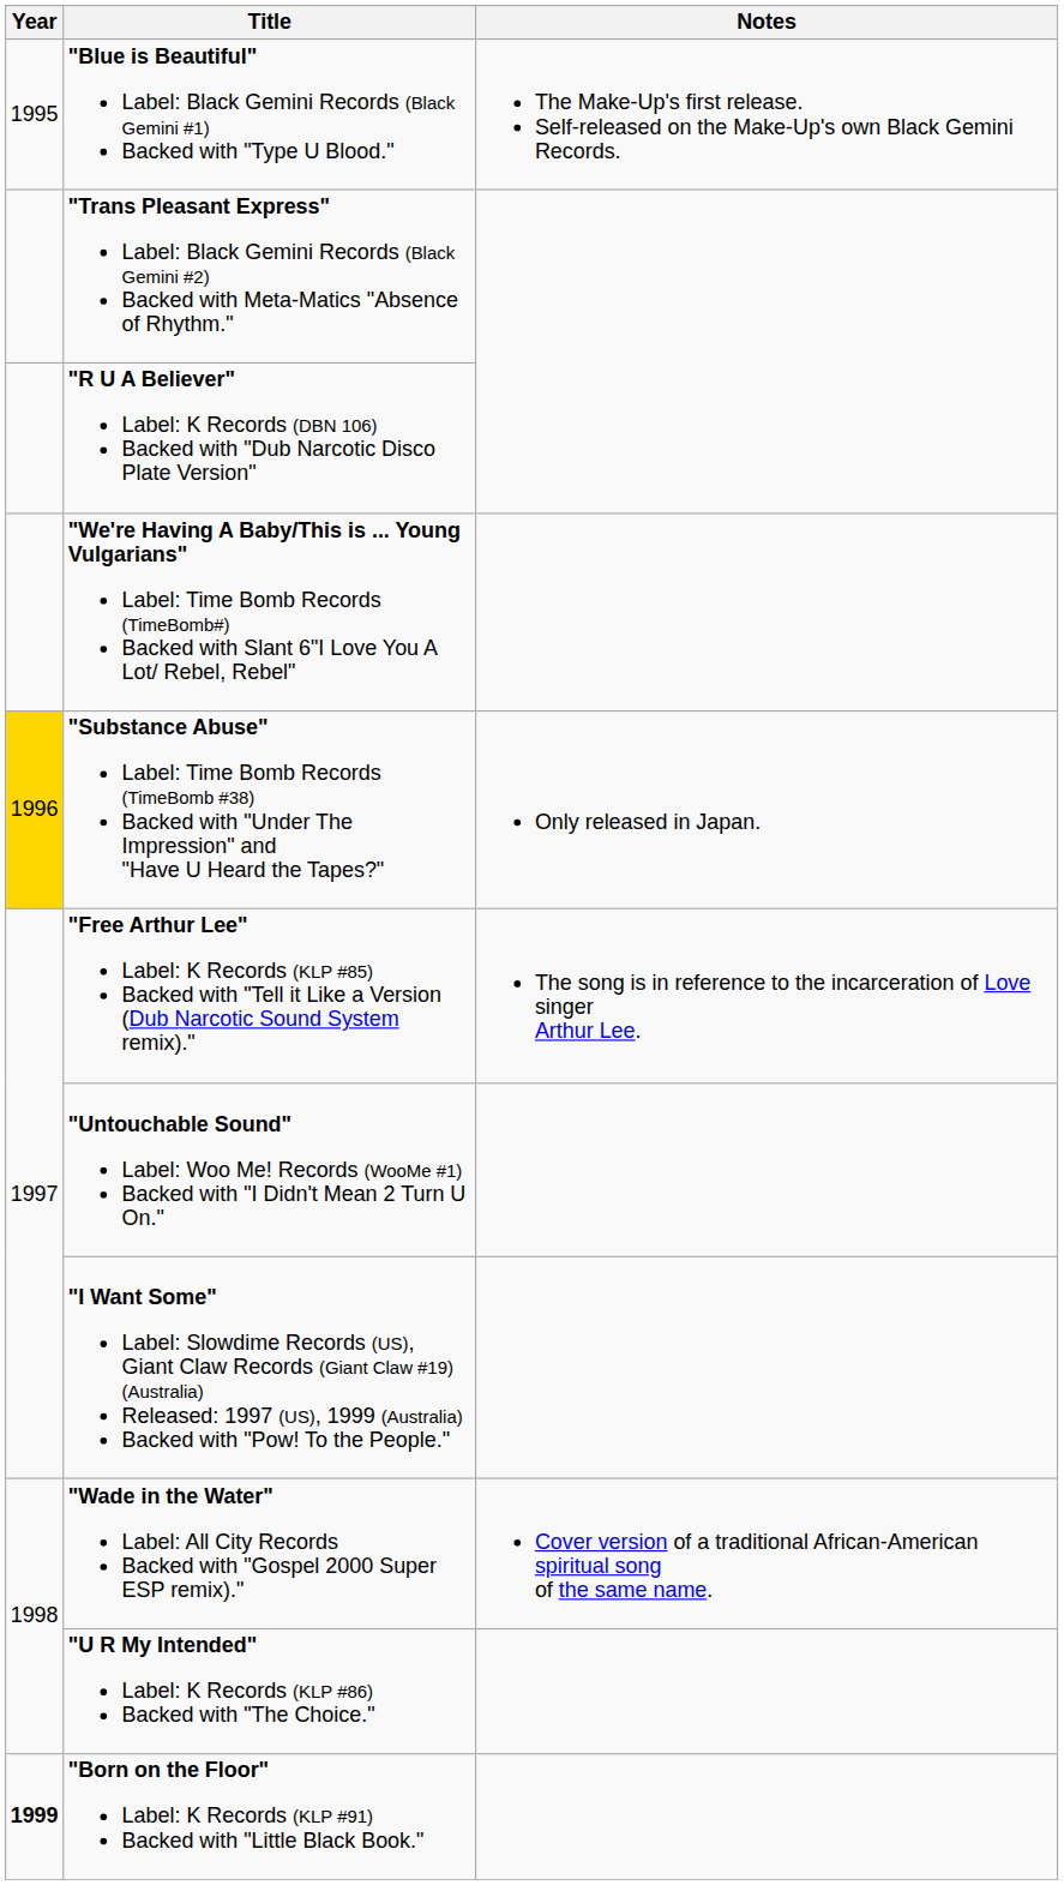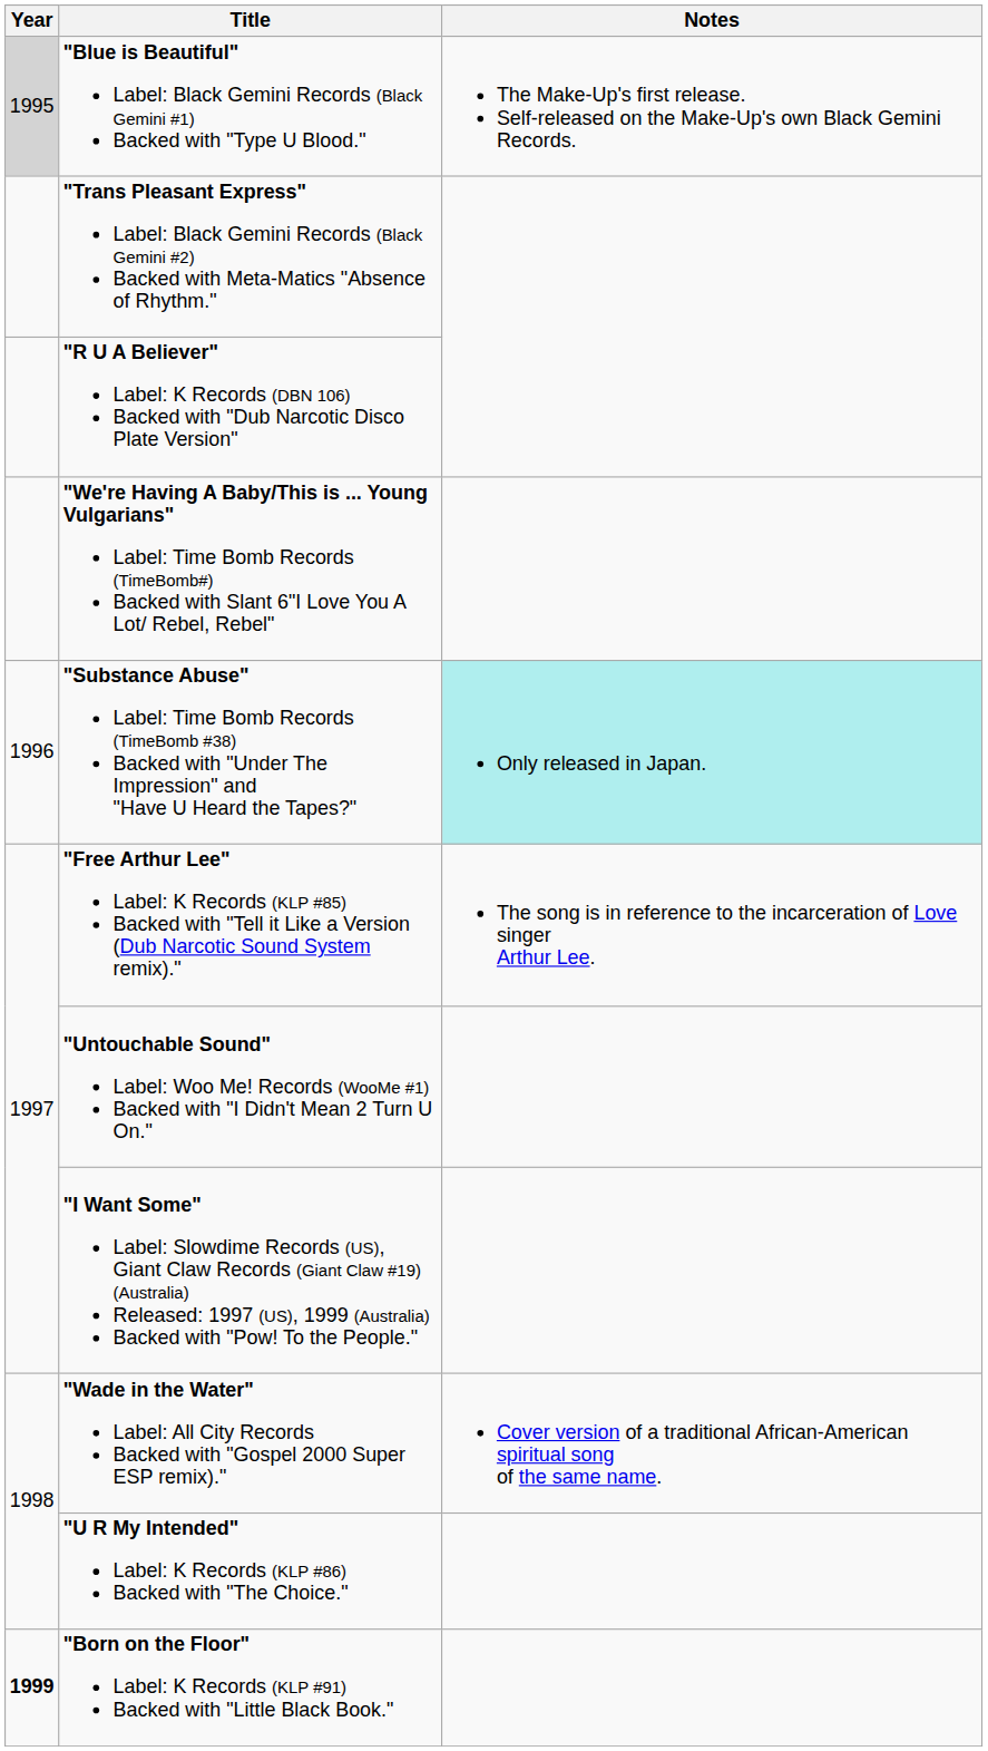 <table class="wikitable">
 <tr>
 <th width="33">Year</th>
 <th width="300">Title</th>
 <th width="425">Notes</th>
 </tr>
 <tr>
-<td align="center">1995</td>
+<td align="center" style="background: lightgrey;">1995</td>
 <td><strong>"Blue is Beautiful"</strong><br><ul><li>Label: Black Gemini Records <small>(Black Gemini #1)</small></li><li>Backed with "Type U Blood."</li></ul></td>
 <td><br><ul><li>The Make-Up's first release.</li><li>Self-released on the Make-Up's own Black Gemini Records.</li></ul></td>
 </tr>
 <tr>
 <td></td>
 <td><strong>"Trans Pleasant Express"</strong><br><ul><li>Label: Black Gemini Records <small>(Black Gemini #2)</small></li><li>Backed with Meta-Matics "Absence of Rhythm."</li></ul></td>
 </tr>
 <tr>
 <td></td>
 <td><strong>"R U A Believer"</strong><br><ul><li>Label: K Records <small>(DBN 106)</small></li><li>Backed with "Dub Narcotic Disco Plate Version"</li></ul></td>
 </tr>
 <tr>
 <td></td>
 <td><strong>"We're Having A Baby/This is ... Young Vulgarians"</strong><br><ul><li>Label: Time Bomb Records <small>(TimeBomb#)</small></li><li>Backed with Slant 6"I Love You A Lot/ Rebel, Rebel"</li></ul></td>
 <td></td>
 </tr>
 <tr>
-<td align="center" style="background: gold;">1996</td>
+<td align="center">1996</td>
 <td><strong>"Substance Abuse"</strong><br><ul><li>Label: Time Bomb Records <small>(TimeBomb #38)</small></li><li>Backed with "Under The Impression" and<br>"Have U Heard the Tapes?"</li></ul></td>
-<td><br><ul><li>Only released in Japan.</li></ul></td>
+<td style="background: paleturquoise;"><br><ul><li>Only released in Japan.</li></ul></td>
 </tr>
 <tr>
 <td align="center" rowspan="3">1997</td>
 <td><strong>"Free Arthur Lee"</strong><br><ul><li>Label: K Records <small>(KLP #85)</small></li><li>Backed with "Tell it Like a Version<br>(<a href='#'>Dub Narcotic Sound System</a> remix)."</li></ul></td>
 <td><br><ul><li>The song is in reference to the incarceration of <a href='#'>Love</a> singer<br><a href='#'>Arthur Lee</a>.</li></ul></td>
 </tr>
 <tr>
 <td><br><strong>"Untouchable Sound"</strong><ul><li>Label: Woo Me! Records <small>(WooMe #1)</small></li><li>Backed with "I Didn't Mean 2 Turn U On."</li></ul></td>
 <td></td>
 </tr>
 <tr>
 <td><br><strong>"I Want Some"</strong><ul><li>Label: Slowdime Records <small>(US)</small>,<br>Giant Claw Records <small>(Giant Claw #19) (Australia)</small></li><li>Released: 1997 <small>(US)</small>, 1999 <small>(Australia)</small></li><li>Backed with "Pow! To the People."</li></ul></td>
 <td></td>
 </tr>
 <tr>
 <td align="center" rowspan="2">1998</td>
 <td><strong>"Wade in the Water"</strong><br><ul><li>Label: All City Records</li><li>Backed with "Gospel 2000 Super ESP remix)."</li></ul></td>
 <td><br><ul><li><a href='#'>Cover version</a> of a traditional African-American <a href='#'>spiritual song</a><br>of <a href='#'>the same name</a>.</li></ul></td>
 </tr>
 <tr>
 <td><strong>"U R My Intended"</strong><br><ul><li>Label: K Records <small>(KLP #86)</small></li><li>Backed with "The Choice."</li></ul></td>
 <td></td>
 </tr>
 <tr>
 <td align="center"><strong>1999</strong></td>
 <td><strong>"Born on the Floor"</strong><br><ul><li>Label: K Records <small>(KLP #91)</small></li><li>Backed with "Little Black Book."</li></ul></td>
 <td></td>
 </tr>
 <tr>
 </tr>
 </table>
